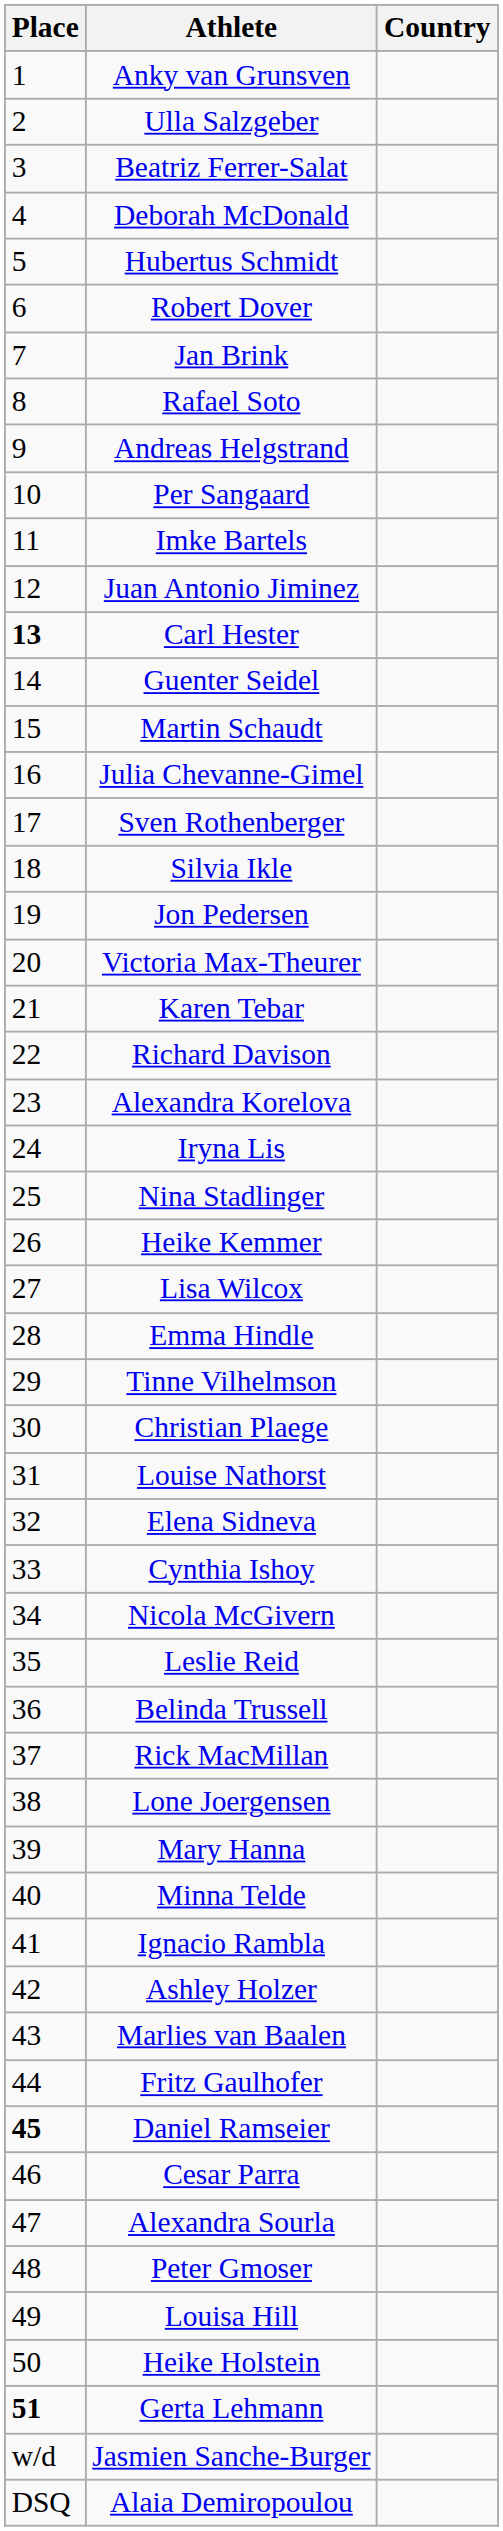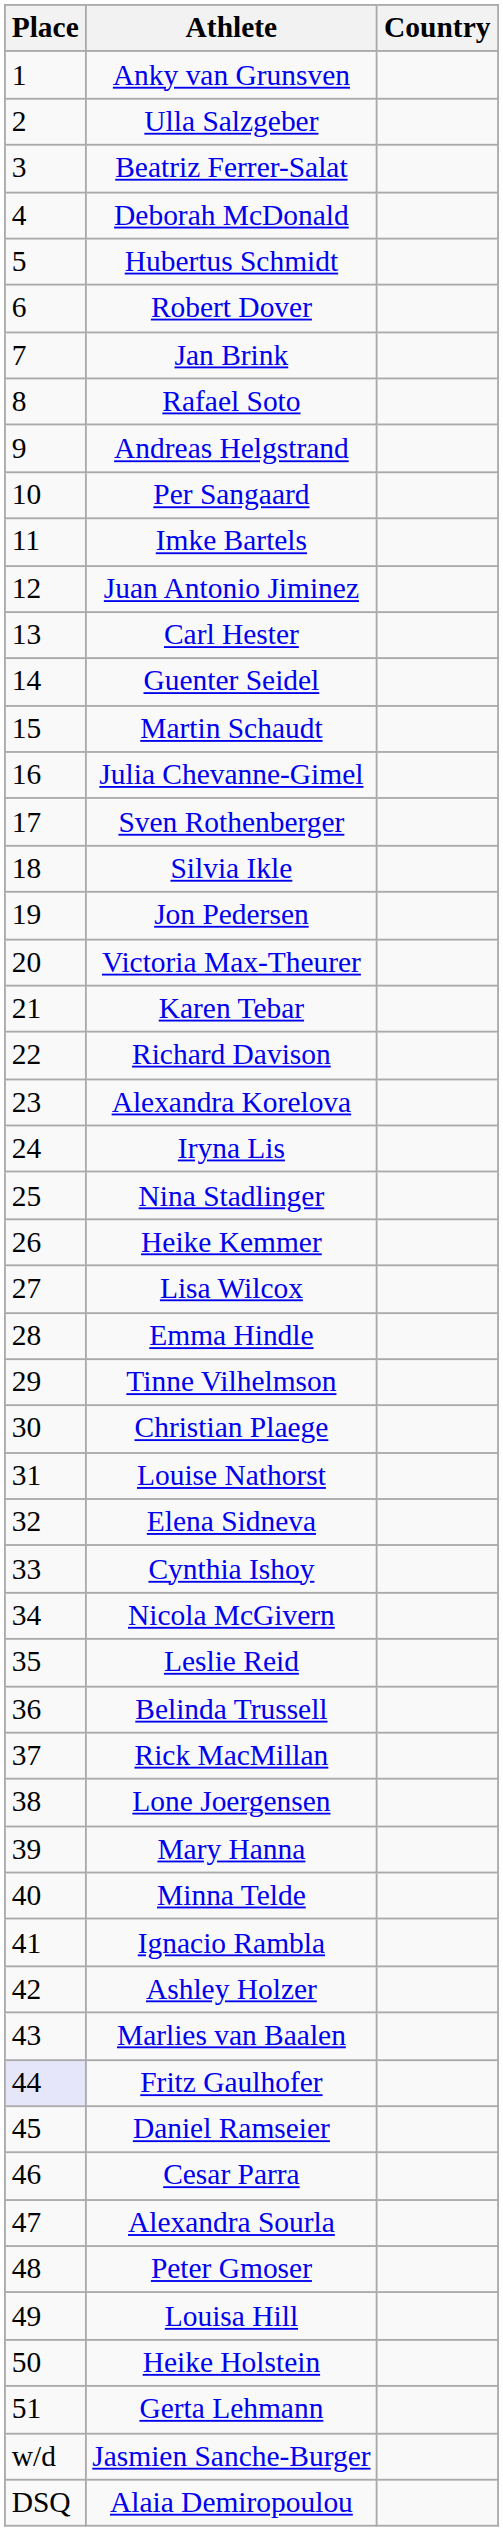 <table class="wikitable sortable" style="text-align:center">
 <tr>
 <th>Place</th>
 <th>Athlete</th>
 <th>Country</th>
 </tr>
 <tr>
 <td align="left">1</td>
 <td><a href='#'>Anky van Grunsven</a></td>
 <td></td>
 </tr>
 <tr>
 <td align="left">2</td>
 <td><a href='#'>Ulla Salzgeber</a></td>
 <td></td>
 </tr>
 <tr>
 <td align="left">3</td>
 <td><a href='#'>Beatriz Ferrer-Salat</a></td>
 <td></td>
 </tr>
 <tr>
 <td align="left">4</td>
 <td><a href='#'>Deborah McDonald</a></td>
 <td></td>
 </tr>
 <tr>
 <td align="left">5</td>
 <td><a href='#'>Hubertus Schmidt</a></td>
 <td></td>
 </tr>
 <tr>
 <td align="left">6</td>
 <td><a href='#'>Robert Dover</a></td>
 <td></td>
 </tr>
 <tr>
 <td align="left">7</td>
 <td><a href='#'>Jan Brink</a></td>
 <td></td>
 </tr>
 <tr>
 <td align="left">8</td>
 <td><a href='#'>Rafael Soto</a></td>
 <td></td>
 </tr>
 <tr>
 <td align="left">9</td>
 <td><a href='#'>Andreas Helgstrand</a></td>
 <td></td>
 </tr>
 <tr>
 <td align="left">10</td>
 <td><a href='#'>Per Sangaard</a></td>
 <td></td>
 </tr>
 <tr>
 <td align="left">11</td>
 <td><a href='#'>Imke Bartels</a></td>
 <td></td>
 </tr>
 <tr>
 <td align="left">12</td>
 <td><a href='#'>Juan Antonio Jiminez</a></td>
 <td></td>
 </tr>
 <tr>
-<td align="left"><strong>13</strong></td>
+<td align="left">13</td>
 <td><a href='#'>Carl Hester</a></td>
 <td></td>
 </tr>
 <tr>
 <td align="left">14</td>
 <td><a href='#'>Guenter Seidel</a></td>
 <td></td>
 </tr>
 <tr>
 <td align="left">15</td>
 <td><a href='#'>Martin Schaudt</a></td>
 <td></td>
 </tr>
 <tr>
 <td align="left">16</td>
 <td><a href='#'>Julia Chevanne-Gimel</a></td>
 <td></td>
 </tr>
 <tr>
 <td align="left">17</td>
 <td><a href='#'>Sven Rothenberger</a></td>
 <td></td>
 </tr>
 <tr>
 <td align="left">18</td>
 <td><a href='#'>Silvia Ikle</a></td>
 <td></td>
 </tr>
 <tr>
 <td align="left">19</td>
 <td><a href='#'>Jon Pedersen</a></td>
 <td></td>
 </tr>
 <tr>
 <td align="left">20</td>
 <td><a href='#'>Victoria Max-Theurer</a></td>
 <td></td>
 </tr>
 <tr>
 <td align="left">21</td>
 <td><a href='#'>Karen Tebar</a></td>
 <td></td>
 </tr>
 <tr>
 <td align="left">22</td>
 <td><a href='#'>Richard Davison</a></td>
 <td></td>
 </tr>
 <tr>
 <td align="left">23</td>
 <td><a href='#'>Alexandra Korelova</a></td>
 <td></td>
 </tr>
 <tr>
 <td align="left">24</td>
 <td><a href='#'>Iryna Lis</a></td>
 <td></td>
 </tr>
 <tr>
 <td align="left">25</td>
 <td><a href='#'>Nina Stadlinger</a></td>
 <td></td>
 </tr>
 <tr>
 <td align="left">26</td>
 <td><a href='#'>Heike Kemmer</a></td>
 <td></td>
 </tr>
 <tr>
 <td align="left">27</td>
 <td><a href='#'>Lisa Wilcox</a></td>
 <td></td>
 </tr>
 <tr>
 <td align="left">28</td>
 <td><a href='#'>Emma Hindle</a></td>
 <td></td>
 </tr>
 <tr>
 <td align="left">29</td>
 <td><a href='#'>Tinne Vilhelmson</a></td>
 <td></td>
 </tr>
 <tr>
 <td align="left">30</td>
 <td><a href='#'>Christian Plaege</a></td>
 <td></td>
 </tr>
 <tr>
 <td align="left">31</td>
 <td><a href='#'>Louise Nathorst</a></td>
 <td></td>
 </tr>
 <tr>
 <td align="left">32</td>
 <td><a href='#'>Elena Sidneva</a></td>
 <td></td>
 </tr>
 <tr>
 <td align="left">33</td>
 <td><a href='#'>Cynthia Ishoy</a></td>
 <td></td>
 </tr>
 <tr>
 <td align="left">34</td>
 <td><a href='#'>Nicola McGivern</a></td>
 <td></td>
 </tr>
 <tr>
 <td align="left">35</td>
 <td><a href='#'>Leslie Reid</a></td>
 <td></td>
 </tr>
 <tr>
 <td align="left">36</td>
 <td><a href='#'>Belinda Trussell</a></td>
 <td></td>
 </tr>
 <tr>
 <td align="left">37</td>
 <td><a href='#'>Rick MacMillan</a></td>
 <td></td>
 </tr>
 <tr>
 <td align="left">38</td>
 <td><a href='#'>Lone Joergensen</a></td>
 <td></td>
 </tr>
 <tr>
 <td align="left">39</td>
 <td><a href='#'>Mary Hanna</a></td>
 <td></td>
 </tr>
 <tr>
 <td align="left">40</td>
 <td><a href='#'>Minna Telde</a></td>
 <td></td>
 </tr>
 <tr>
 <td align="left">41</td>
 <td><a href='#'>Ignacio Rambla</a></td>
 <td></td>
 </tr>
 <tr>
 <td align="left">42</td>
 <td><a href='#'>Ashley Holzer</a></td>
 <td></td>
 </tr>
 <tr>
 <td align="left">43</td>
 <td><a href='#'>Marlies van Baalen</a></td>
 <td></td>
 </tr>
 <tr>
-<td align="left">44</td>
+<td align="left" style="background: lavender;">44</td>
 <td><a href='#'>Fritz Gaulhofer</a></td>
 <td></td>
 </tr>
 <tr>
-<td align="left"><strong>45</strong></td>
+<td align="left">45</td>
 <td><a href='#'>Daniel Ramseier</a></td>
 <td></td>
 </tr>
 <tr>
 <td align="left">46</td>
 <td><a href='#'>Cesar Parra</a></td>
 <td></td>
 </tr>
 <tr>
 <td align="left">47</td>
 <td><a href='#'>Alexandra Sourla</a></td>
 <td></td>
 </tr>
 <tr>
 <td align="left">48</td>
 <td><a href='#'>Peter Gmoser</a></td>
 <td></td>
 </tr>
 <tr>
 <td align="left">49</td>
 <td><a href='#'>Louisa Hill</a></td>
 <td></td>
 </tr>
 <tr>
 <td align="left">50</td>
 <td><a href='#'>Heike Holstein</a></td>
 <td></td>
 </tr>
 <tr>
-<td align="left"><strong>51</strong></td>
+<td align="left">51</td>
 <td><a href='#'>Gerta Lehmann</a></td>
 <td></td>
 </tr>
 <tr>
 <td align="left">w/d</td>
 <td><a href='#'>Jasmien Sanche-Burger</a></td>
 <td></td>
 </tr>
 <tr>
 <td align="left">DSQ</td>
 <td><a href='#'>Alaia Demiropoulou</a></td>
 <td></td>
 </tr>
 </table>
